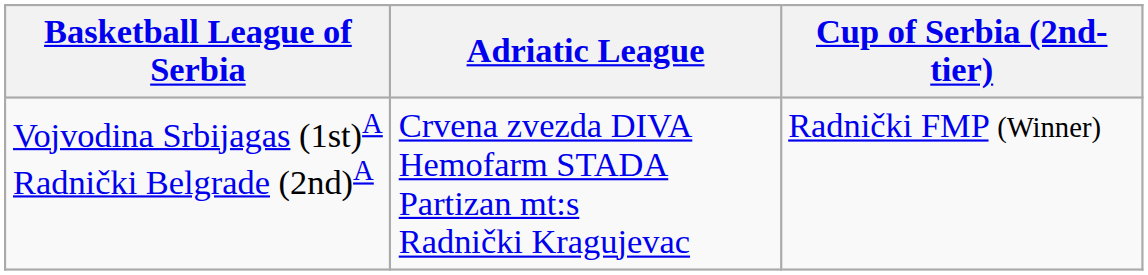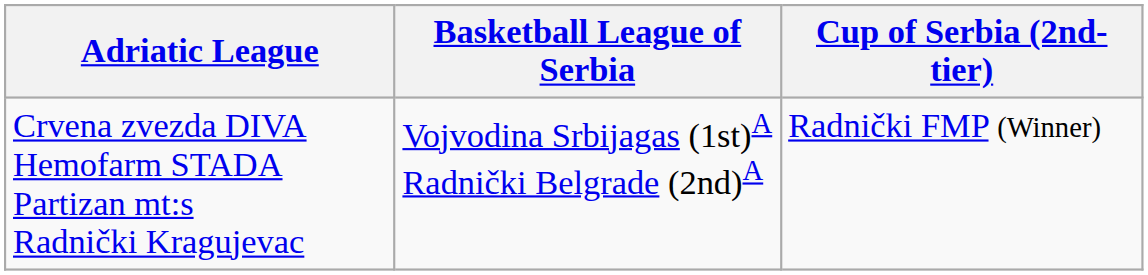 <table class=wikitable width=60%>
 <tr>
+<th width=13%><a href='#'>Adriatic League</a></th>
 <th width=13%><a href='#'>Basketball League of Serbia</a></th>
-<th width=13%><a href='#'>Adriatic League</a></th>
 <th width=13%><a href='#'>Cup of Serbia (2nd-tier)</a></th>
 </tr>
 <tr valign=top>
+<td><a href='#'>Crvena zvezda DIVA</a><br><a href='#'>Hemofarm STADA</a><br><a href='#'>Partizan mt:s</a><br><a href='#'>Radnički Kragujevac</a></td>
 <td><a href='#'>Vojvodina Srbijagas</a> (1st)<sup><a href='#'>A</a></sup><br><a href='#'>Radnički Belgrade</a> (2nd)<sup><a href='#'>A</a></sup></td>
-<td><a href='#'>Crvena zvezda DIVA</a><br><a href='#'>Hemofarm STADA</a><br><a href='#'>Partizan mt:s</a><br><a href='#'>Radnički Kragujevac</a></td>
 <td><a href='#'>Radnički FMP</a> <small>(Winner)</small></td>
 </tr>
 </table>
